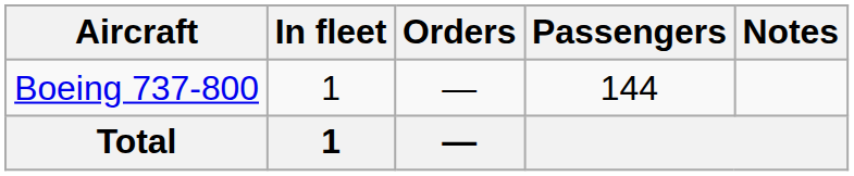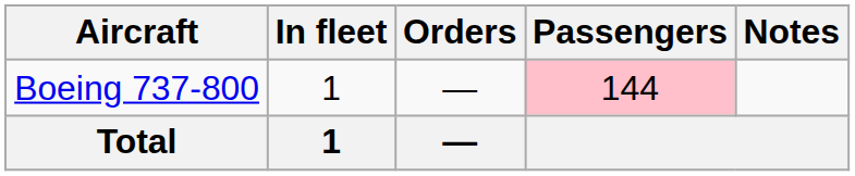 <table class="wikitable" style="text-align:center;margin:auto;">
 <tr>
 <th>Aircraft</th>
 <th>In fleet</th>
 <th>Orders</th>
 <th>Passengers</th>
 <th>Notes</th>
 </tr>
 <tr>
 <td><a href='#'>Boeing 737-800</a></td>
 <td>1</td>
 <td>—</td>
-<td>144</td>
+<td style="background: pink;">144</td>
 <td></td>
 </tr>
 <tr>
 <th>Total</th>
 <th>1</th>
 <th>—</th>
 <th colspan="2"></th>
 </tr>
 </table>
